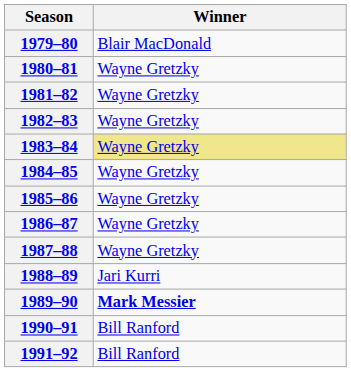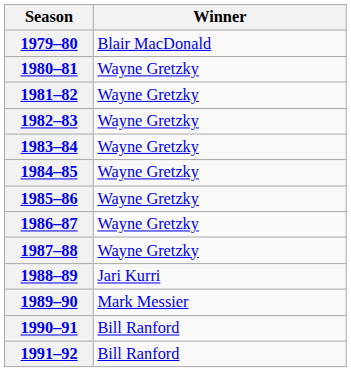 <table class="wikitable">
 <tr>
 <th scope="col" style="width:5em">Season</th>
 <th scope="col" style="width:15em">Winner</th>
 </tr>
 <tr>
 <th scope="row"><a href='#'>1979–80</a></th>
 <td><a href='#'>Blair MacDonald</a></td>
 </tr>
 <tr>
 <th scope="row"><a href='#'>1980–81</a></th>
 <td><a href='#'>Wayne Gretzky</a></td>
 </tr>
 <tr>
 <th scope="row"><a href='#'>1981–82</a></th>
 <td><a href='#'>Wayne Gretzky</a></td>
 </tr>
 <tr>
 <th scope="row"><a href='#'>1982–83</a></th>
 <td><a href='#'>Wayne Gretzky</a></td>
 </tr>
 <tr>
 <th scope="row"><a href='#'>1983–84</a></th>
-<td style="background: khaki;"><a href='#'>Wayne Gretzky</a></td>
+<td><a href='#'>Wayne Gretzky</a></td>
 </tr>
 <tr>
 <th scope="row"><a href='#'>1984–85</a></th>
 <td><a href='#'>Wayne Gretzky</a></td>
 </tr>
 <tr>
 <th scope="row"><a href='#'>1985–86</a></th>
 <td><a href='#'>Wayne Gretzky</a></td>
 </tr>
 <tr>
 <th scope="row"><a href='#'>1986–87</a></th>
 <td><a href='#'>Wayne Gretzky</a></td>
 </tr>
 <tr>
 <th scope="row"><a href='#'>1987–88</a></th>
 <td><a href='#'>Wayne Gretzky</a></td>
 </tr>
 <tr>
 <th scope="row"><a href='#'>1988–89</a></th>
 <td><a href='#'>Jari Kurri</a></td>
 </tr>
 <tr>
 <th scope="row"><a href='#'>1989–90</a></th>
-<td><strong><a href='#'>Mark Messier</a></strong></td>
+<td><a href='#'>Mark Messier</a></td>
 </tr>
 <tr>
 <th scope="row"><a href='#'>1990–91</a></th>
 <td><a href='#'>Bill Ranford</a></td>
 </tr>
 <tr>
 <th scope="row"><a href='#'>1991–92</a></th>
 <td><a href='#'>Bill Ranford</a></td>
 </tr>
 </table>
